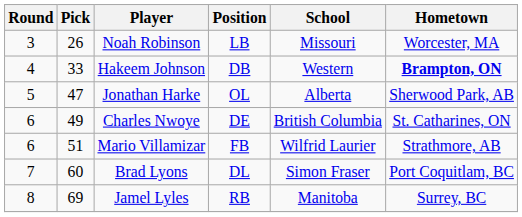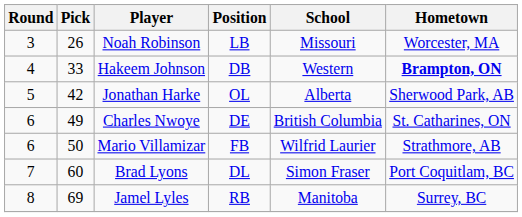 <table class="wikitable" style="font-size: 95%;">
 <tr>
 <th scope="col">Round</th>
 <th scope="col">Pick</th>
 <th scope="col">Player</th>
 <th scope="col">Position</th>
 <th scope="col">School</th>
 <th scope="col">Hometown</th>
 </tr>
 <tr align="center">
 <td align=center>3</td>
 <td>26</td>
 <td><a href='#'>Noah Robinson</a></td>
 <td><a href='#'>LB</a></td>
 <td><a href='#'>Missouri</a></td>
 <td><a href='#'>Worcester, MA</a></td>
 </tr>
 <tr align="center">
 <td align=center>4</td>
 <td>33</td>
 <td><a href='#'>Hakeem Johnson</a></td>
 <td><a href='#'>DB</a></td>
 <td><a href='#'>Western</a></td>
 <td><strong><a href='#'>Brampton, ON</a></strong></td>
 </tr>
 <tr align="center">
 <td align=center>5</td>
-<td>47</td>
+<td>42</td>
 <td><a href='#'>Jonathan Harke</a></td>
 <td><a href='#'>OL</a></td>
 <td><a href='#'>Alberta</a></td>
 <td><a href='#'>Sherwood Park, AB</a></td>
 </tr>
 <tr align="center">
 <td align=center>6</td>
 <td>49</td>
 <td><a href='#'>Charles Nwoye</a></td>
 <td><a href='#'>DE</a></td>
 <td><a href='#'>British Columbia</a></td>
 <td><a href='#'>St. Catharines, ON</a></td>
 </tr>
 <tr align="center">
 <td align=center>6</td>
-<td>51</td>
+<td>50</td>
 <td><a href='#'>Mario Villamizar</a></td>
 <td><a href='#'>FB</a></td>
 <td><a href='#'>Wilfrid Laurier</a></td>
 <td><a href='#'>Strathmore, AB</a></td>
 </tr>
 <tr align="center">
 <td align=center>7</td>
 <td>60</td>
 <td><a href='#'>Brad Lyons</a></td>
 <td><a href='#'>DL</a></td>
 <td><a href='#'>Simon Fraser</a></td>
 <td><a href='#'>Port Coquitlam, BC</a></td>
 </tr>
 <tr align="center">
 <td align=center>8</td>
 <td>69</td>
 <td><a href='#'>Jamel Lyles</a></td>
 <td><a href='#'>RB</a></td>
 <td><a href='#'>Manitoba</a></td>
 <td><a href='#'>Surrey, BC</a></td>
 </tr>
 <tr>
 </tr>
 </table>
